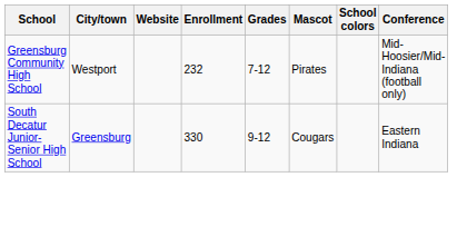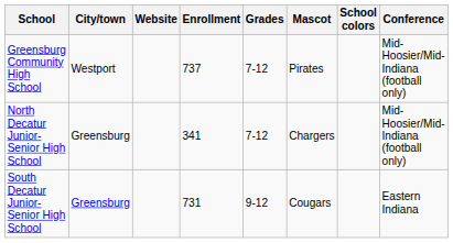 <table class="wikitable sortable" width="70%">
 <tr>
 <th width="20%">School</th>
 <th width="08%">City/town</th>
 <th width="06%">Website</th>
 <th width="04%">Enrollment</th>
 <th width="04%">Grades</th>
 <th width="04%">Mascot</th>
 <th width=01%>School colors</th>
 <th width="04%">Conference</th>
 </tr>
 <tr>
 <td><a href='#'>Greensburg Community High School</a></td>
 <td>Westport</td>
 <td></td>
-<td>232</td>
+<td>737</td>
 <td>7-12</td>
 <td>Pirates</td>
 <td> </td>
 <td>Mid-Hoosier/Mid-Indiana (football only)</td>
 </tr>
 <tr>
+<td><a href='#'>North Decatur Junior-Senior High School</a></td>
+<td>Greensburg</td>
+<td></td>
+<td>341</td>
+<td>7-12</td>
+<td>Chargers</td>
+<td>  </td>
+<td>Mid-Hoosier/Mid-Indiana (football only)</td>
+</tr>
+<tr>
 <td><a href='#'>South Decatur Junior-Senior High School</a></td>
 <td><a href='#'>Greensburg</a></td>
 <td></td>
-<td>330</td>
+<td>731</td>
 <td>9-12</td>
 <td>Cougars</td>
 <td> </td>
 <td>Eastern Indiana</td>
 </tr>
 </table>
